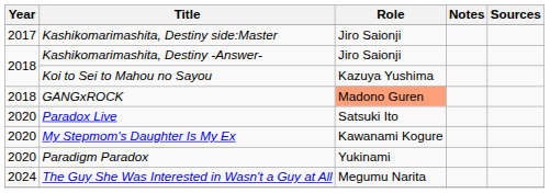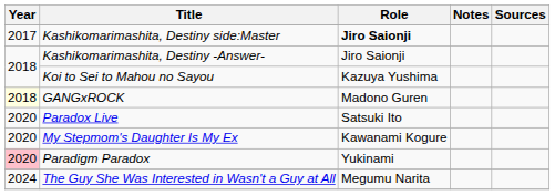 <table class="wikitable sortable">
 <tr>
 <th>Year</th>
 <th>Title</th>
 <th>Role</th>
 <th class="unsortable">Notes</th>
 <th class="unsortable">Sources</th>
 </tr>
 <tr>
 </tr>
 <tr>
 <td rowspan="1">2017</td>
 <td><em>Kashikomarimashita, Destiny side:Master</em></td>
-<td>Jiro Saionji</td>
+<td><strong>Jiro Saionji</strong></td>
 <td></td>
 <td></td>
 </tr>
 <tr>
 <td rowspan="2">2018</td>
 <td><em>Kashikomarimashita, Destiny -Answer-</em></td>
 <td>Jiro Saionji</td>
 <td></td>
 <td></td>
 </tr>
 <tr>
 <td><em>Koi to Sei to Mahou no Sayou</em></td>
 <td>Kazuya Yushima</td>
 <td></td>
 <td></td>
 </tr>
 <tr>
-<td>2018</td>
+<td style="background: lightyellow;">2018</td>
 <td><em>GANGxROCK</em></td>
-<td style="background: lightsalmon;">Madono Guren</td>
+<td>Madono Guren</td>
 <td></td>
 <td></td>
 </tr>
 <tr>
 <td>2020</td>
 <td><em><a href='#'>Paradox Live</a></em></td>
 <td>Satsuki Ito</td>
 <td></td>
 <td></td>
 </tr>
 <tr>
 <td>2020</td>
 <td><em><a href='#'>My Stepmom's Daughter Is My Ex</a></em></td>
 <td>Kawanami Kogure</td>
 <td></td>
 <td></td>
 </tr>
 <tr>
-<td>2020</td>
+<td style="background: pink;">2020</td>
 <td><em>Paradigm Paradox</em></td>
 <td>Yukinami</td>
 <td></td>
 <td></td>
 </tr>
 <tr>
 <td>2024</td>
 <td><em><a href='#'>The Guy She Was Interested in Wasn't a Guy at All</a></em></td>
 <td>Megumu Narita</td>
 <td></td>
 <td></td>
 </tr>
 <tr>
 </tr>
 </table>
